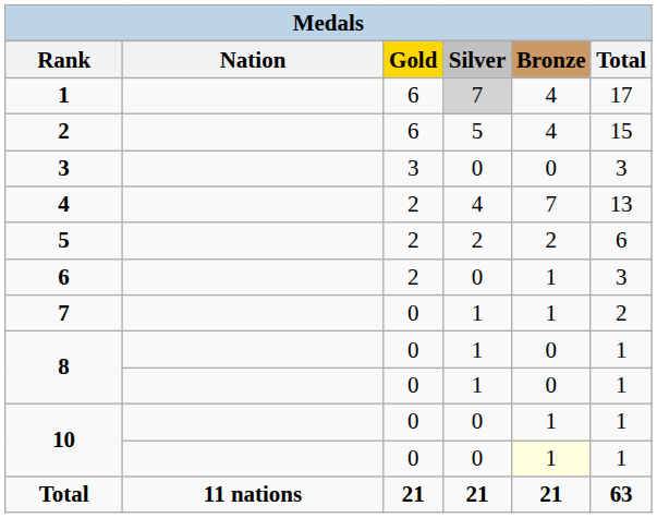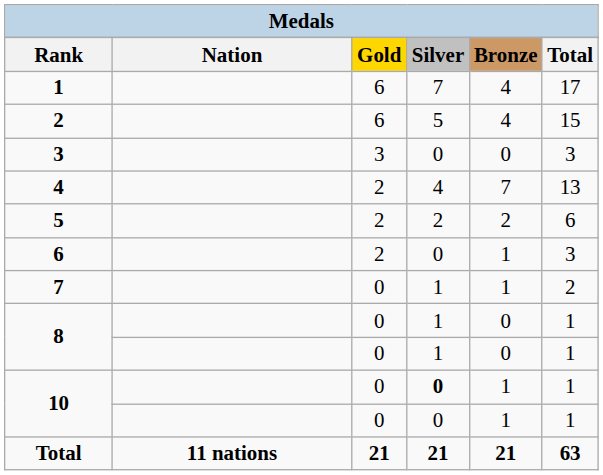 <table class="wikitable" style="text-align:center">
 <tr>
 <td colspan="6" style="background:#BCD4E6"><strong>Medals</strong></td>
 </tr>
 <tr>
 </tr>
 <tr style="background-color:#EDEDED;">
 <th width="75px" class="hintergrundfarbe5">Rank</th>
 <th width="175px" class="hintergrundfarbe6">Nation</th>
 <th style="background:    gold; width:35px ">Gold</th>
 <th style="background:  silver; width:35px ">Silver</th>
 <th style="background: #CC9966; width:35px ">Bronze</th>
 <th width="35px">Total</th>
 </tr>
 <tr>
 <td><strong>1</strong></td>
 <td align=left></td>
 <td>6</td>
-<td style="background: lightgrey;">7</td>
+<td>7</td>
 <td>4</td>
 <td>17</td>
 </tr>
 <tr>
 <td><strong>2</strong></td>
 <td align=left></td>
 <td>6</td>
 <td>5</td>
 <td>4</td>
 <td>15</td>
 </tr>
 <tr>
 <td><strong>3</strong></td>
 <td align=left></td>
 <td>3</td>
 <td>0</td>
 <td>0</td>
 <td>3</td>
 </tr>
 <tr>
 <td><strong>4</strong></td>
 <td align=left></td>
 <td>2</td>
 <td>4</td>
 <td>7</td>
 <td>13</td>
 </tr>
 <tr>
 <td><strong>5</strong></td>
 <td align=left><em></em></td>
 <td>2</td>
 <td>2</td>
 <td>2</td>
 <td>6</td>
 </tr>
 <tr>
 <td><strong>6</strong></td>
 <td align=left></td>
 <td>2</td>
 <td>0</td>
 <td>1</td>
 <td>3</td>
 </tr>
 <tr>
 <td><strong>7</strong></td>
 <td align=left></td>
 <td>0</td>
 <td>1</td>
 <td>1</td>
 <td>2</td>
 </tr>
 <tr>
 <td rowspan=2><strong>8</strong></td>
 <td align=left></td>
 <td>0</td>
 <td>1</td>
 <td>0</td>
 <td>1</td>
 </tr>
 <tr>
 <td align=left><em> </em></td>
 <td>0</td>
 <td>1</td>
 <td>0</td>
 <td>1</td>
 </tr>
 <tr>
 <td rowspan=2><strong>10</strong></td>
 <td align=left></td>
 <td>0</td>
-<td>0</td>
+<td><strong>0</strong></td>
 <td>1</td>
 <td>1</td>
 </tr>
 <tr>
 <td align=left><em></em></td>
 <td>0</td>
 <td>0</td>
-<td style="background: lightyellow;">1</td>
+<td>1</td>
 <td>1</td>
 </tr>
 <tr>
 <td><strong>Total</strong></td>
 <td><strong>11 nations</strong></td>
 <td><strong>21</strong></td>
 <td><strong>21</strong></td>
 <td><strong>21</strong></td>
 <td><strong>63</strong></td>
 </tr>
 </table>
